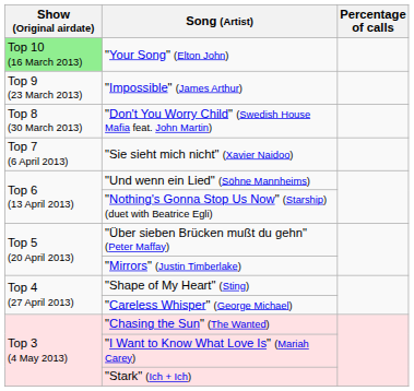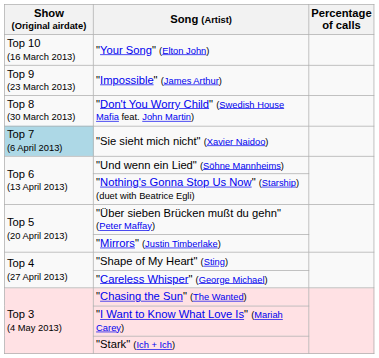 <table class="wikitable">
 <tr>
 <th style="width:120px;">Show<br><small>(Original airdate)</small></th>
 <th style="width:300px;">Song <small>(Artist)</small></th>
 <th style="width:28px;">Percentage of calls</th>
 </tr>
 <tr>
-<td align="left" style="background: lightgreen;">Top 10<br><small>(16 March 2013)</small></td>
+<td align="left">Top 10<br><small>(16 March 2013)</small></td>
 <td align="left">"<a href='#'>Your Song</a>" <small>(<a href='#'>Elton John</a>)</small></td>
 <td style="text-align:center;"></td>
 </tr>
 <tr>
 <td align="left">Top 9<br><small>(23 March 2013)</small></td>
 <td align="left">"<a href='#'>Impossible</a>" <small>(<a href='#'>James Arthur</a>)</small></td>
 <td style="text-align:center;"></td>
 </tr>
 <tr>
 <td align="left">Top 8<br><small>(30 March 2013)</small></td>
 <td align="left">"<a href='#'>Don't You Worry Child</a>" <small>(<a href='#'>Swedish House Mafia</a> feat. <a href='#'>John Martin</a>)</small></td>
 <td style="text-align:center;"></td>
 </tr>
 <tr>
-<td align="left">Top 7<br><small>(6 April 2013)</small></td>
+<td align="left" style="background: lightblue;">Top 7<br><small>(6 April 2013)</small></td>
 <td align="left">"Sie sieht mich nicht" <small>(<a href='#'>Xavier Naidoo</a>)</small></td>
 <td style="text-align:center;"></td>
 </tr>
 <tr>
 <td align="left" rowspan=2>Top 6<br><small>(13 April 2013)</small></td>
 <td align="left">"Und wenn ein Lied" <small>(<a href='#'>Söhne Mannheims</a>)</small></td>
 <td style="text-align:center;" rowspan=2></td>
 </tr>
 <tr>
 <td align="left">"<a href='#'>Nothing's Gonna Stop Us Now</a>" <small>(<a href='#'>Starship</a>)</small> <small>(duet with Beatrice Egli)</small></td>
 </tr>
 <tr>
 <td align="left" rowspan=2>Top 5<br><small>(20 April 2013)</small></td>
 <td align="left">"Über sieben Brücken mußt du gehn" <small>(<a href='#'>Peter Maffay</a>)</small></td>
 <td rowspan=2></td>
 </tr>
 <tr>
 <td align="left">"<a href='#'>Mirrors</a>" <small>(<a href='#'>Justin Timberlake</a>)</small></td>
 </tr>
 <tr>
 <td align="left" rowspan=2>Top 4<br><small>(27 April 2013)</small></td>
 <td align="left">"Shape of My Heart" <small>(<a href='#'>Sting</a>)</small></td>
 <td rowspan=2></td>
 </tr>
 <tr>
 <td align="left">"<a href='#'>Careless Whisper</a>" <small>(<a href='#'>George Michael</a>)</small></td>
 </tr>
 <tr bgcolor="#FFE1E4">
 <td align="left" rowspan=3>Top 3<br><small>(4 May 2013)</small></td>
 <td align="left">"<a href='#'>Chasing the Sun</a>" <small>(<a href='#'>The Wanted</a>)</small></td>
 <td rowspan=3></td>
 </tr>
 <tr bgcolor="#FFE1E4">
 <td align="left">"<a href='#'>I Want to Know What Love Is</a>" <small>(<a href='#'>Mariah Carey</a>)</small></td>
 </tr>
 <tr bgcolor="#FFE1E4">
 <td align="left">"Stark" <small>(<a href='#'>Ich + Ich</a>)</small></td>
 </tr>
 </table>
